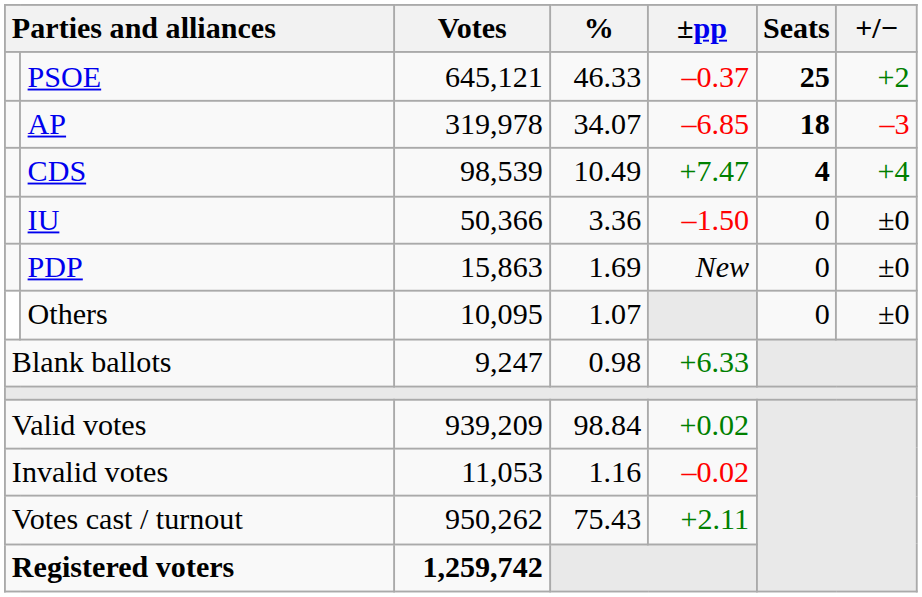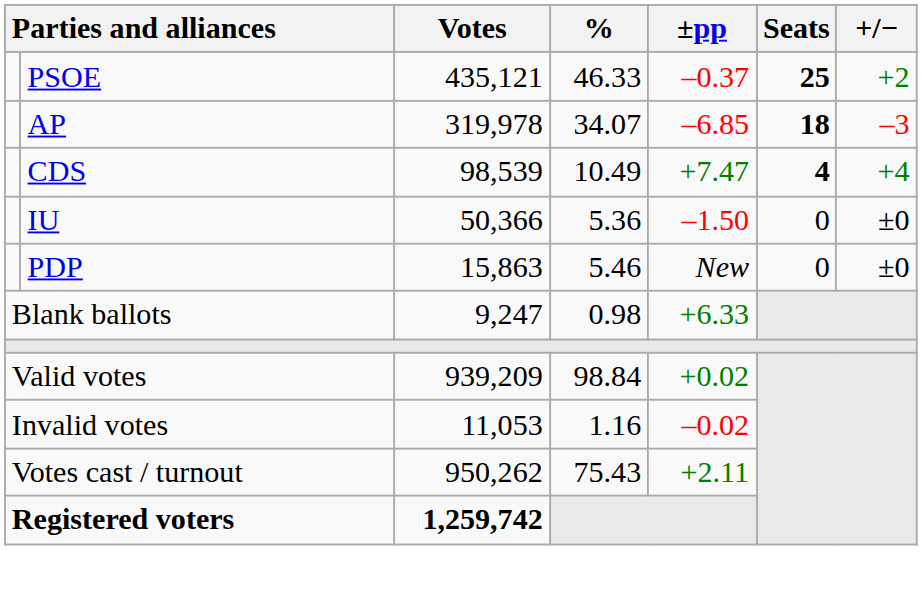 <table class="wikitable" style="text-align:right;">
 <tr>
 <th style="text-align:left;" colspan="2" width="200">Parties and alliances</th>
 <th width="75">Votes</th>
 <th width="45">%</th>
 <th width="45">±<a href='#'>pp</a></th>
 <th width="35">Seats</th>
 <th width="35">+/−</th>
 </tr>
 <tr>
 <td width="1" style="color:inherit;background:"></td>
 <td align="left"><a href='#'>PSOE</a></td>
-<td>645,121</td>
+<td>435,121</td>
 <td>46.33</td>
 <td style="color:red;">–0.37</td>
 <td><strong>25</strong></td>
 <td style="color:green;">+2</td>
 </tr>
 <tr>
 <td style="color:inherit;background:"></td>
 <td align="left"><a href='#'>AP</a></td>
 <td>319,978</td>
 <td>34.07</td>
 <td style="color:red;">–6.85</td>
 <td><strong>18</strong></td>
 <td style="color:red;">–3</td>
 </tr>
 <tr>
 <td style="color:inherit;background:"></td>
 <td align="left"><a href='#'>CDS</a></td>
 <td>98,539</td>
 <td>10.49</td>
 <td style="color:green;">+7.47</td>
 <td><strong>4</strong></td>
 <td style="color:green;">+4</td>
 </tr>
 <tr>
 <td style="color:inherit;background:"></td>
 <td align="left"><a href='#'>IU</a></td>
 <td>50,366</td>
-<td>3.36</td>
+<td>5.36</td>
 <td style="color:red;">–1.50</td>
 <td>0</td>
 <td>±0</td>
 </tr>
 <tr>
 <td style="color:inherit;background:"></td>
 <td align="left"><a href='#'>PDP</a></td>
 <td>15,863</td>
-<td>1.69</td>
+<td>5.46</td>
 <td><em>New</em></td>
-<td>0</td>
-<td>±0</td>
-</tr>
-<tr>
-<td bgcolor="white"></td>
-<td align="left">Others</td>
-<td>10,095</td>
-<td>1.07</td>
-<td bgcolor="#E9E9E9"></td>
 <td>0</td>
 <td>±0</td>
 </tr>
 <tr>
 <td align="left" colspan="2">Blank ballots</td>
 <td>9,247</td>
 <td>0.98</td>
 <td width="50" style="color:green;">+6.33</td>
 <td bgcolor="#E9E9E9" colspan="2"></td>
 </tr>
 <tr>
 <td colspan="7" bgcolor="#E9E9E9"></td>
 </tr>
 <tr>
 <td align="left" colspan="2">Valid votes</td>
 <td>939,209</td>
 <td>98.84</td>
 <td style="color:green;">+0.02</td>
 <td bgcolor="#E9E9E9" colspan="2" rowspan="4"></td>
 </tr>
 <tr>
 <td align="left" colspan="2">Invalid votes</td>
 <td>11,053</td>
 <td>1.16</td>
 <td style="color:red;">–0.02</td>
 </tr>
 <tr>
 <td align="left" colspan="2">Votes cast / turnout</td>
 <td>950,262</td>
 <td>75.43</td>
 <td style="color:green;">+2.11</td>
 </tr>
 <tr style="font-weight:bold;">
 <td align="left" colspan="2">Registered voters</td>
 <td>1,259,742</td>
 <td bgcolor="#E9E9E9" colspan="2"></td>
 </tr>
 </table>
